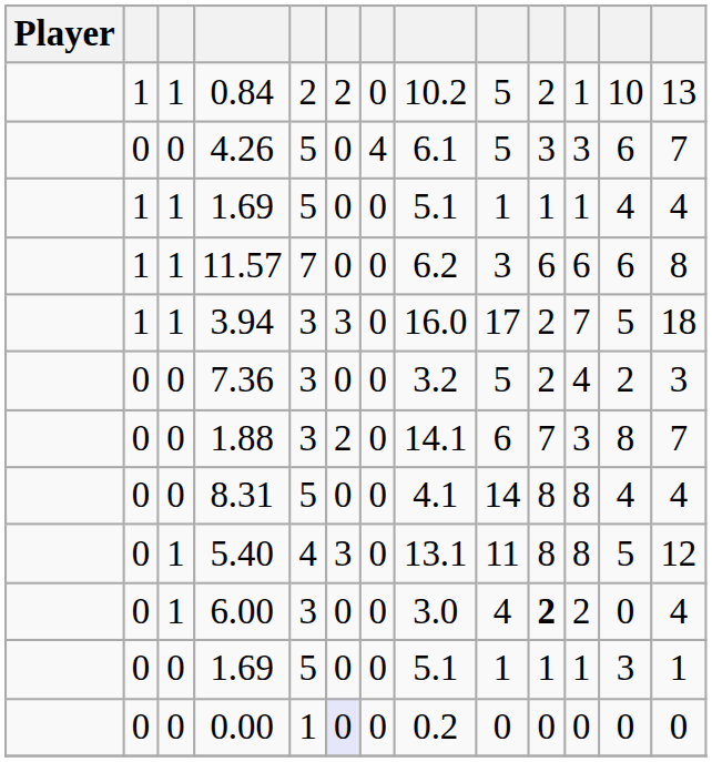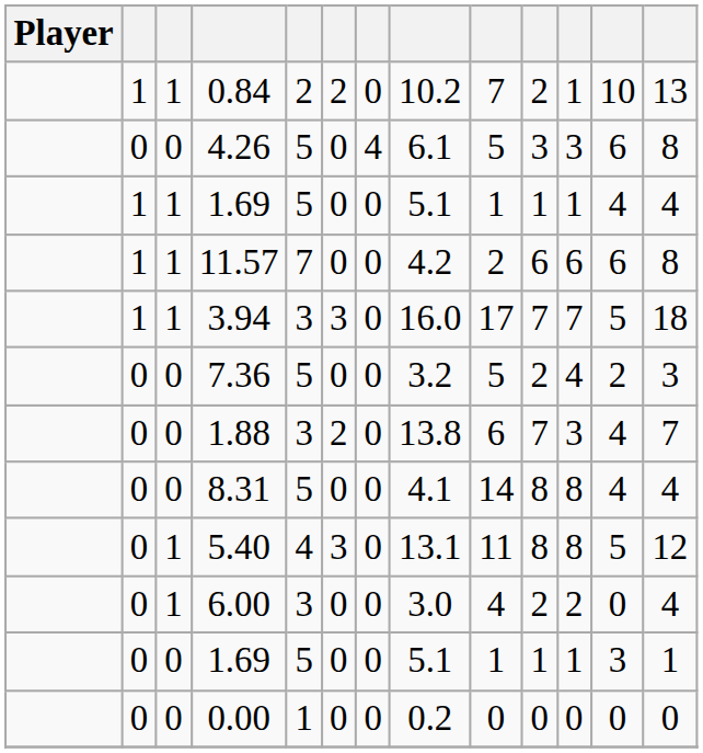 <table class="wikitable sortable" style="text-align:center;">
 <tr>
 <th>Player</th>
 <th></th>
 <th></th>
 <th></th>
 <th></th>
 <th></th>
 <th></th>
 <th></th>
 <th></th>
 <th></th>
 <th></th>
 <th></th>
 <th></th>
 </tr>
 <tr>
 <td align="left"></td>
 <td>1</td>
 <td>1</td>
 <td>0.84</td>
 <td>2</td>
 <td>2</td>
 <td>0</td>
 <td>10.2</td>
-<td>5</td>
+<td>7</td>
 <td>2</td>
 <td>1</td>
 <td>10</td>
 <td>13</td>
 </tr>
 <tr>
 <td align="left"></td>
 <td>0</td>
 <td>0</td>
 <td>4.26</td>
 <td>5</td>
 <td>0</td>
 <td>4</td>
 <td>6.1</td>
 <td>5</td>
 <td>3</td>
 <td>3</td>
 <td>6</td>
-<td>7</td>
+<td>8</td>
 </tr>
 <tr>
 <td align="left"></td>
 <td>1</td>
 <td>1</td>
 <td>1.69</td>
 <td>5</td>
 <td>0</td>
 <td>0</td>
 <td>5.1</td>
 <td>1</td>
 <td>1</td>
 <td>1</td>
 <td>4</td>
 <td>4</td>
 </tr>
 <tr>
 <td align="left"></td>
 <td>1</td>
 <td>1</td>
 <td>11.57</td>
 <td>7</td>
 <td>0</td>
 <td>0</td>
-<td>6.2</td>
-<td>3</td>
+<td>4.2</td>
+<td>2</td>
 <td>6</td>
 <td>6</td>
 <td>6</td>
 <td>8</td>
 </tr>
 <tr>
 <td align="left"></td>
 <td>1</td>
 <td>1</td>
 <td>3.94</td>
 <td>3</td>
 <td>3</td>
 <td>0</td>
 <td>16.0</td>
 <td>17</td>
-<td>2</td>
+<td>7</td>
 <td>7</td>
 <td>5</td>
 <td>18</td>
 </tr>
 <tr>
 <td align="left"></td>
 <td>0</td>
 <td>0</td>
 <td>7.36</td>
-<td>3</td>
+<td>5</td>
 <td>0</td>
 <td>0</td>
 <td>3.2</td>
 <td>5</td>
 <td>2</td>
 <td>4</td>
 <td>2</td>
 <td>3</td>
 </tr>
 <tr>
 <td align="left"></td>
 <td>0</td>
 <td>0</td>
 <td>1.88</td>
 <td>3</td>
 <td>2</td>
 <td>0</td>
-<td>14.1</td>
+<td>13.8</td>
 <td>6</td>
 <td>7</td>
 <td>3</td>
-<td>8</td>
+<td>4</td>
 <td>7</td>
 </tr>
 <tr>
 <td align="left"></td>
 <td>0</td>
 <td>0</td>
 <td>8.31</td>
 <td>5</td>
 <td>0</td>
 <td>0</td>
 <td>4.1</td>
 <td>14</td>
 <td>8</td>
 <td>8</td>
 <td>4</td>
 <td>4</td>
 </tr>
 <tr>
 <td align="left"></td>
 <td>0</td>
 <td>1</td>
 <td>5.40</td>
 <td>4</td>
 <td>3</td>
 <td>0</td>
 <td>13.1</td>
 <td>11</td>
 <td>8</td>
 <td>8</td>
 <td>5</td>
 <td>12</td>
 </tr>
 <tr>
 <td align="left"></td>
 <td>0</td>
 <td>1</td>
 <td>6.00</td>
 <td>3</td>
 <td>0</td>
 <td>0</td>
 <td>3.0</td>
 <td>4</td>
-<td><strong>2</strong></td>
+<td>2</td>
 <td>2</td>
 <td>0</td>
 <td>4</td>
 </tr>
 <tr>
 <td align="left"></td>
 <td>0</td>
 <td>0</td>
 <td>1.69</td>
 <td>5</td>
 <td>0</td>
 <td>0</td>
 <td>5.1</td>
 <td>1</td>
 <td>1</td>
 <td>1</td>
 <td>3</td>
 <td>1</td>
 </tr>
 <tr>
 <td align="left"></td>
 <td>0</td>
 <td>0</td>
 <td>0.00</td>
 <td>1</td>
-<td style="background: lavender;">0</td>
+<td>0</td>
 <td>0</td>
 <td>0.2</td>
 <td>0</td>
 <td>0</td>
 <td>0</td>
 <td>0</td>
 <td>0</td>
 </tr>
 <tr>
 </tr>
 <tr class="sortbottom">
 </tr>
 </table>
